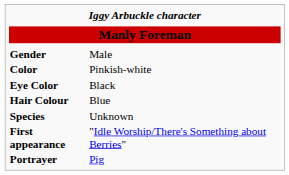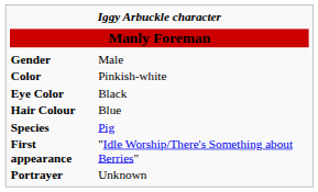 <table class="infobox" style="width: 25em;">
 <tr>
 <td colspan="2" style="text-align:center;"><strong><em>Iggy Arbuckle character</em></strong></td>
 </tr>
 <tr>
 <td colspan="2" style="text-align:center;"></td>
 </tr>
 <tr>
 <th colspan="2" style="font-size: larger; background-color:#c00; color:#000;"><strong>Manly Foreman</strong></th>
 </tr>
 <tr>
 <td colspan="2"></td>
 </tr>
 <tr>
 <td><strong>Gender</strong></td>
 <td>Male</td>
 </tr>
 <tr>
 <td><strong>Color</strong></td>
 <td>Pinkish-white</td>
 </tr>
 <tr>
 <td><strong>Eye Color</strong></td>
 <td>Black</td>
 </tr>
 <tr>
 <td><strong>Hair Colour</strong></td>
 <td>Blue</td>
 </tr>
 <tr>
 <td><strong>Species</strong></td>
-<td>Unknown</td>
+<td><a href='#'>Pig</a></td>
 </tr>
 <tr>
 <td><strong>First appearance</strong></td>
 <td>"<a href='#'>Idle Worship/There's Something about Berries</a>"</td>
 </tr>
 <tr>
 <td><strong>Portrayer</strong></td>
-<td><a href='#'>Pig</a></td>
+<td>Unknown</td>
 </tr>
 </table>
